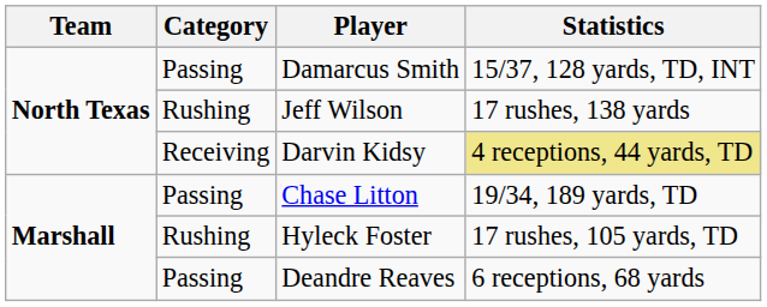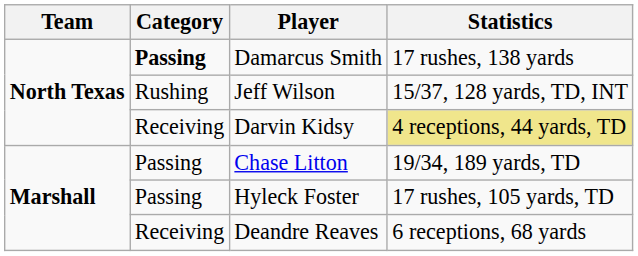 <table class="wikitable" style="float: left;">
 <tr>
 <th>Team</th>
 <th>Category</th>
 <th>Player</th>
 <th>Statistics</th>
 </tr>
 <tr>
 <td rowspan=3><strong>North Texas</strong></td>
-<td>Passing</td>
+<td><strong>Passing</strong></td>
 <td>Damarcus Smith</td>
-<td>15/37, 128 yards, TD, INT</td>
+<td>17 rushes, 138 yards</td>
 </tr>
 <tr>
 <td>Rushing</td>
 <td>Jeff Wilson</td>
-<td>17 rushes, 138 yards</td>
+<td>15/37, 128 yards, TD, INT</td>
 </tr>
 <tr>
 <td>Receiving</td>
 <td>Darvin Kidsy</td>
 <td style="background: khaki;">4 receptions, 44 yards, TD</td>
 </tr>
 <tr>
 <td rowspan=3><strong>Marshall</strong></td>
 <td>Passing</td>
 <td><a href='#'>Chase Litton</a></td>
 <td>19/34, 189 yards, TD</td>
 </tr>
 <tr>
-<td>Rushing</td>
+<td>Passing</td>
 <td>Hyleck Foster</td>
 <td>17 rushes, 105 yards, TD</td>
 </tr>
 <tr>
-<td>Passing</td>
+<td>Receiving</td>
 <td>Deandre Reaves</td>
 <td>6 receptions, 68 yards</td>
 </tr>
 </table>
